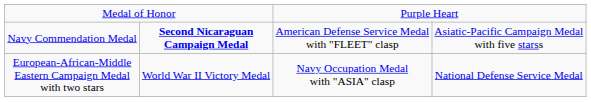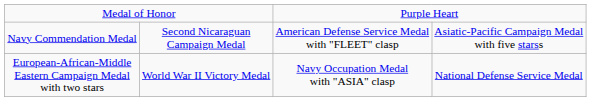 <table class="wikitable" style="margin: 1em auto; text-align: center;">
 <tr>
 <td colspan=2><a href='#'>Medal of Honor</a></td>
 <td colspan=2><a href='#'>Purple Heart</a></td>
 </tr>
 <tr>
 <td><a href='#'>Navy Commendation Medal</a></td>
-<td><strong><a href='#'>Second Nicaraguan<br>Campaign Medal</a></strong></td>
+<td><a href='#'>Second Nicaraguan<br>Campaign Medal</a></td>
 <td><a href='#'>American Defense Service Medal</a><br>with "FLEET" clasp</td>
 <td><a href='#'>Asiatic-Pacific Campaign Medal</a><br>with five <a href='#'>stars</a>s</td>
 </tr>
 <tr>
 <td><a href='#'>European-African-Middle<br>Eastern Campaign Medal</a><br>with two stars</td>
 <td><a href='#'>World War II Victory Medal</a></td>
 <td><a href='#'>Navy Occupation Medal</a><br>with "ASIA" clasp</td>
 <td><a href='#'>National Defense Service Medal</a></td>
 </tr>
 </table>
